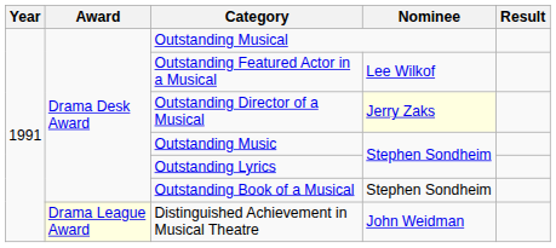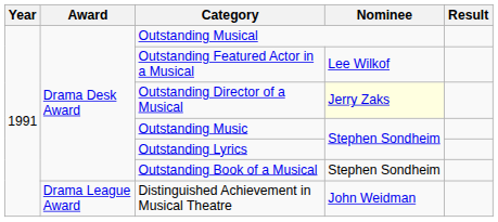 <table class="wikitable" width="95%">
 <tr>
 <th width="5%">Year</th>
 <th width="20%">Award</th>
 <th width="40%">Category</th>
 <th width="25%">Nominee</th>
 <th width="10%">Result</th>
 </tr>
 <tr>
 <td rowspan="7" align="center">1991</td>
 <td rowspan="6"><a href='#'>Drama Desk Award</a></td>
 <td colspan="2"><a href='#'>Outstanding Musical</a></td>
 <td></td>
 </tr>
 <tr>
 <td><a href='#'>Outstanding Featured Actor in a Musical</a></td>
 <td><a href='#'>Lee Wilkof</a></td>
 <td></td>
 </tr>
 <tr>
 <td><a href='#'>Outstanding Director of a Musical</a></td>
 <td style="background: lightyellow;"><a href='#'>Jerry Zaks</a></td>
 <td></td>
 </tr>
 <tr>
 <td><a href='#'>Outstanding Music</a></td>
 <td rowspan="2"><a href='#'>Stephen Sondheim</a></td>
 <td></td>
 </tr>
 <tr>
 <td><a href='#'>Outstanding Lyrics</a></td>
 <td></td>
 </tr>
 <tr>
 <td><a href='#'>Outstanding Book of a Musical</a></td>
 <td>Stephen Sondheim</td>
 <td></td>
 </tr>
 <tr>
-<td style="background: lightyellow;"><a href='#'>Drama League Award</a></td>
+<td><a href='#'>Drama League Award</a></td>
 <td>Distinguished Achievement in Musical Theatre</td>
 <td><a href='#'>John Weidman</a></td>
 <td></td>
 </tr>
 </table>
